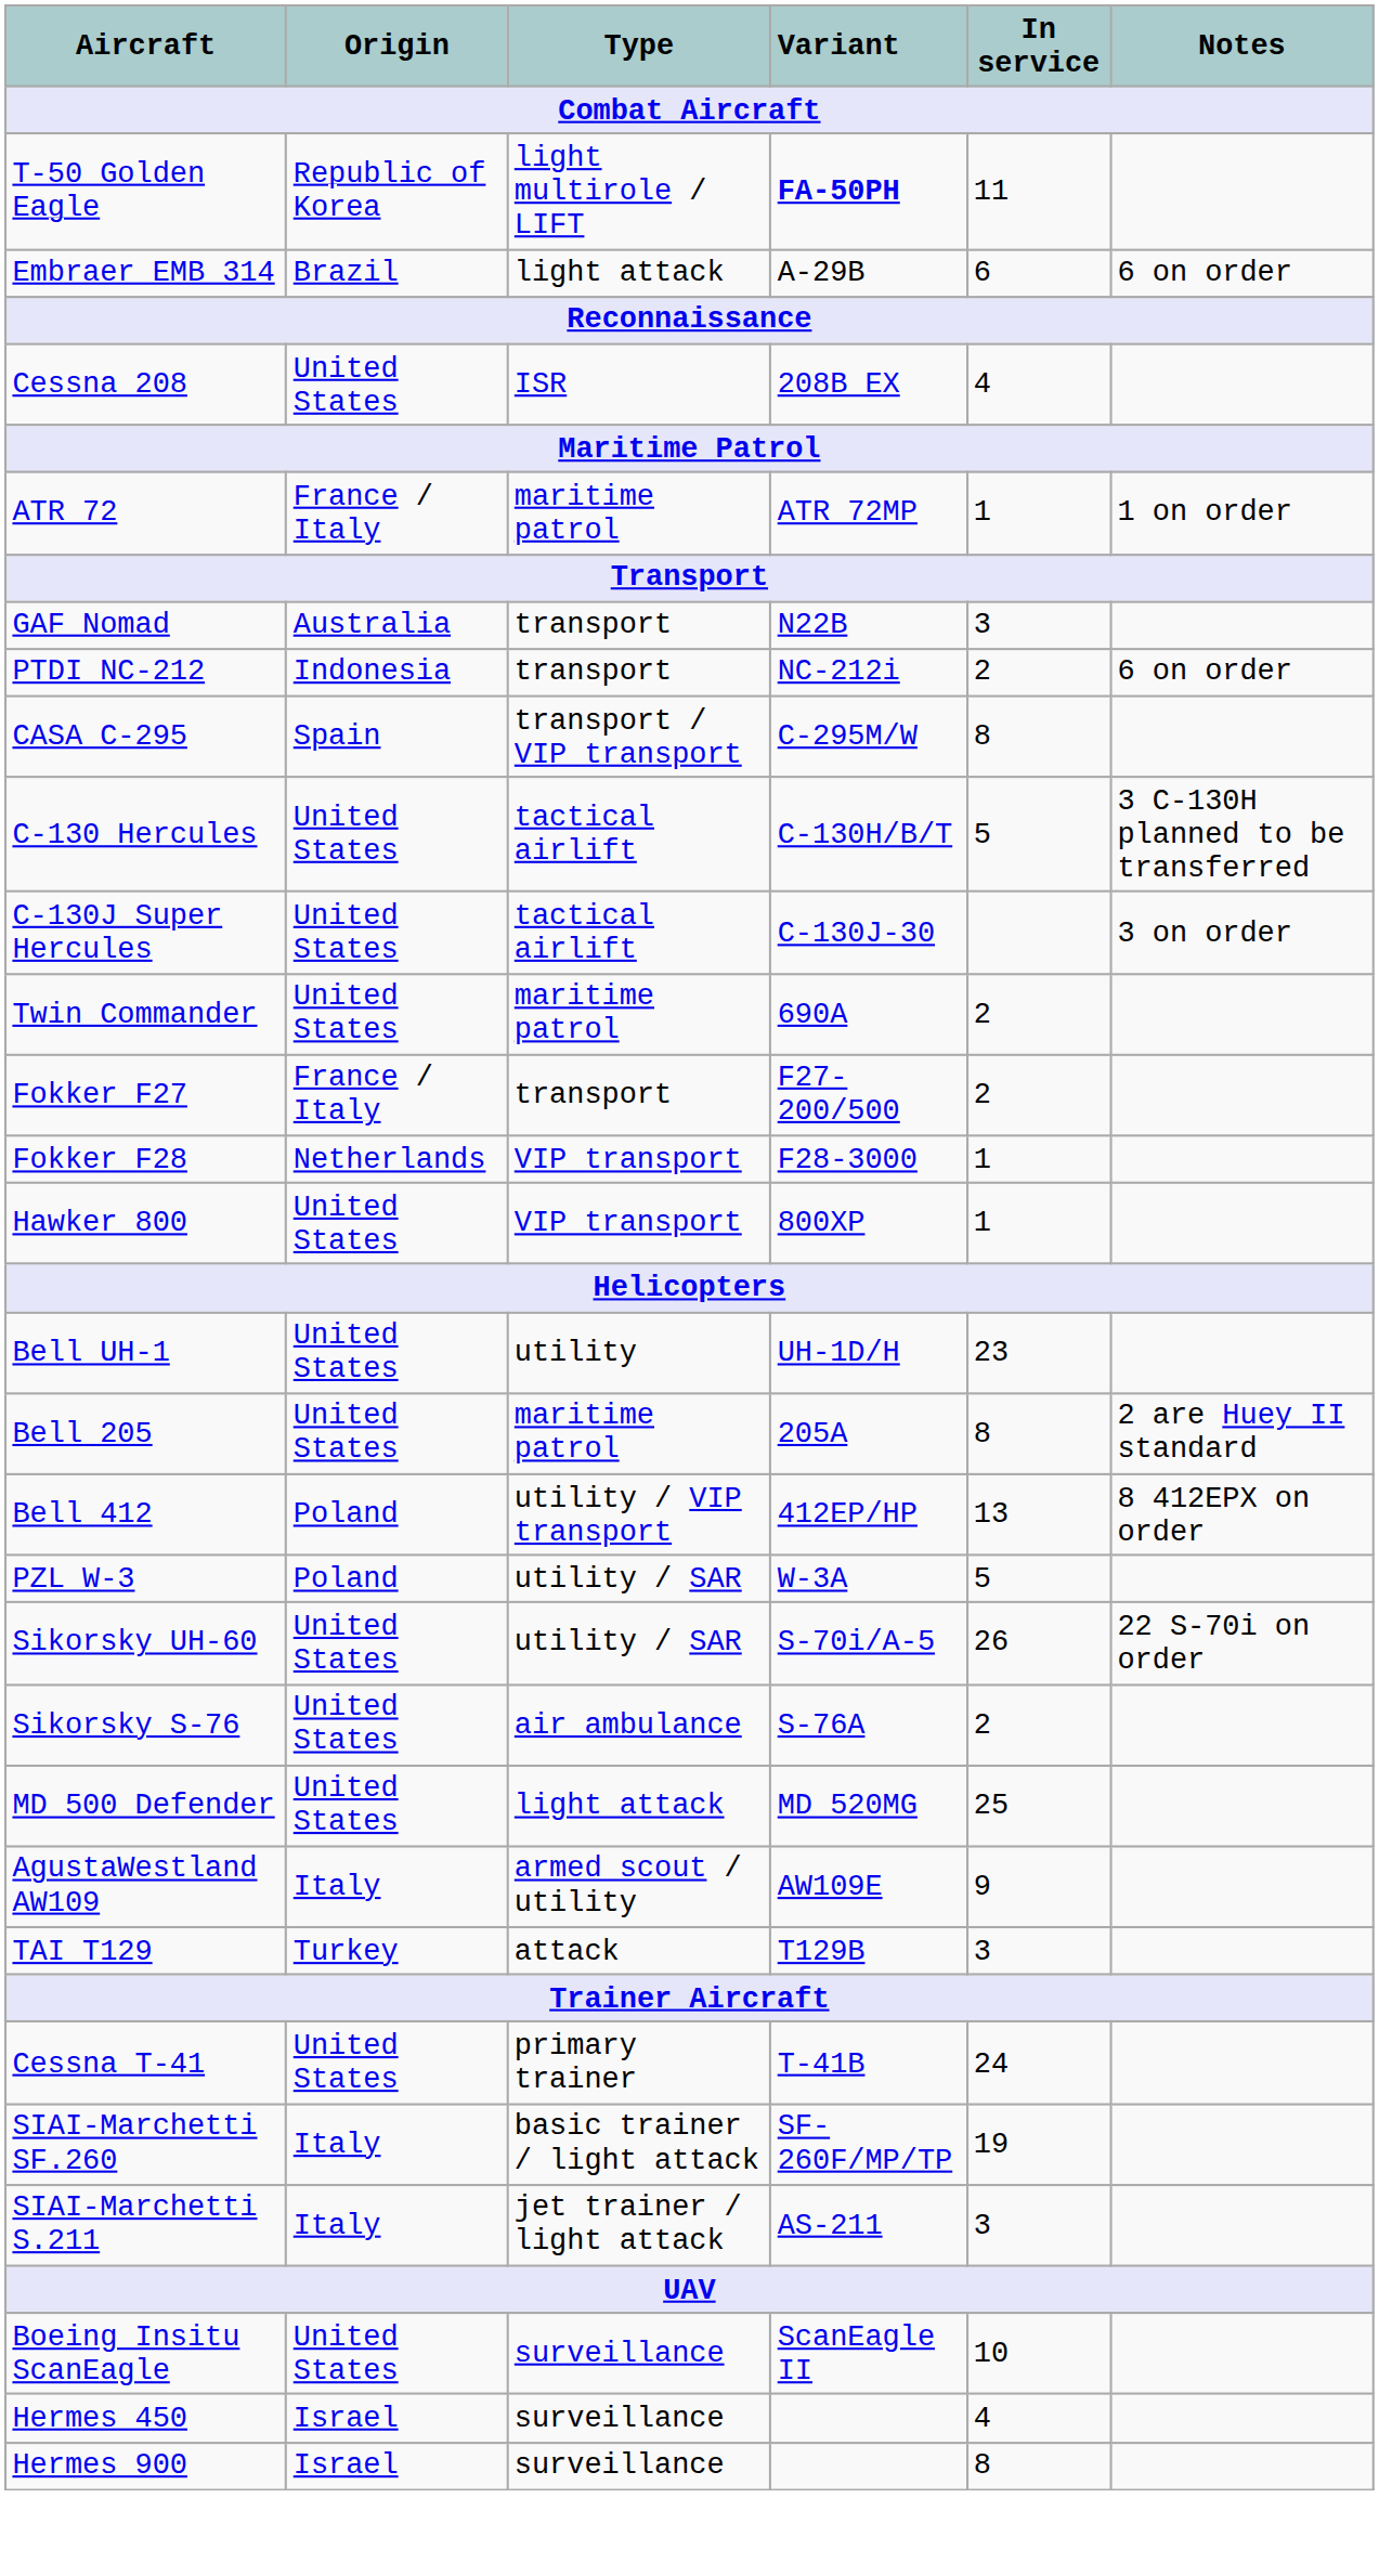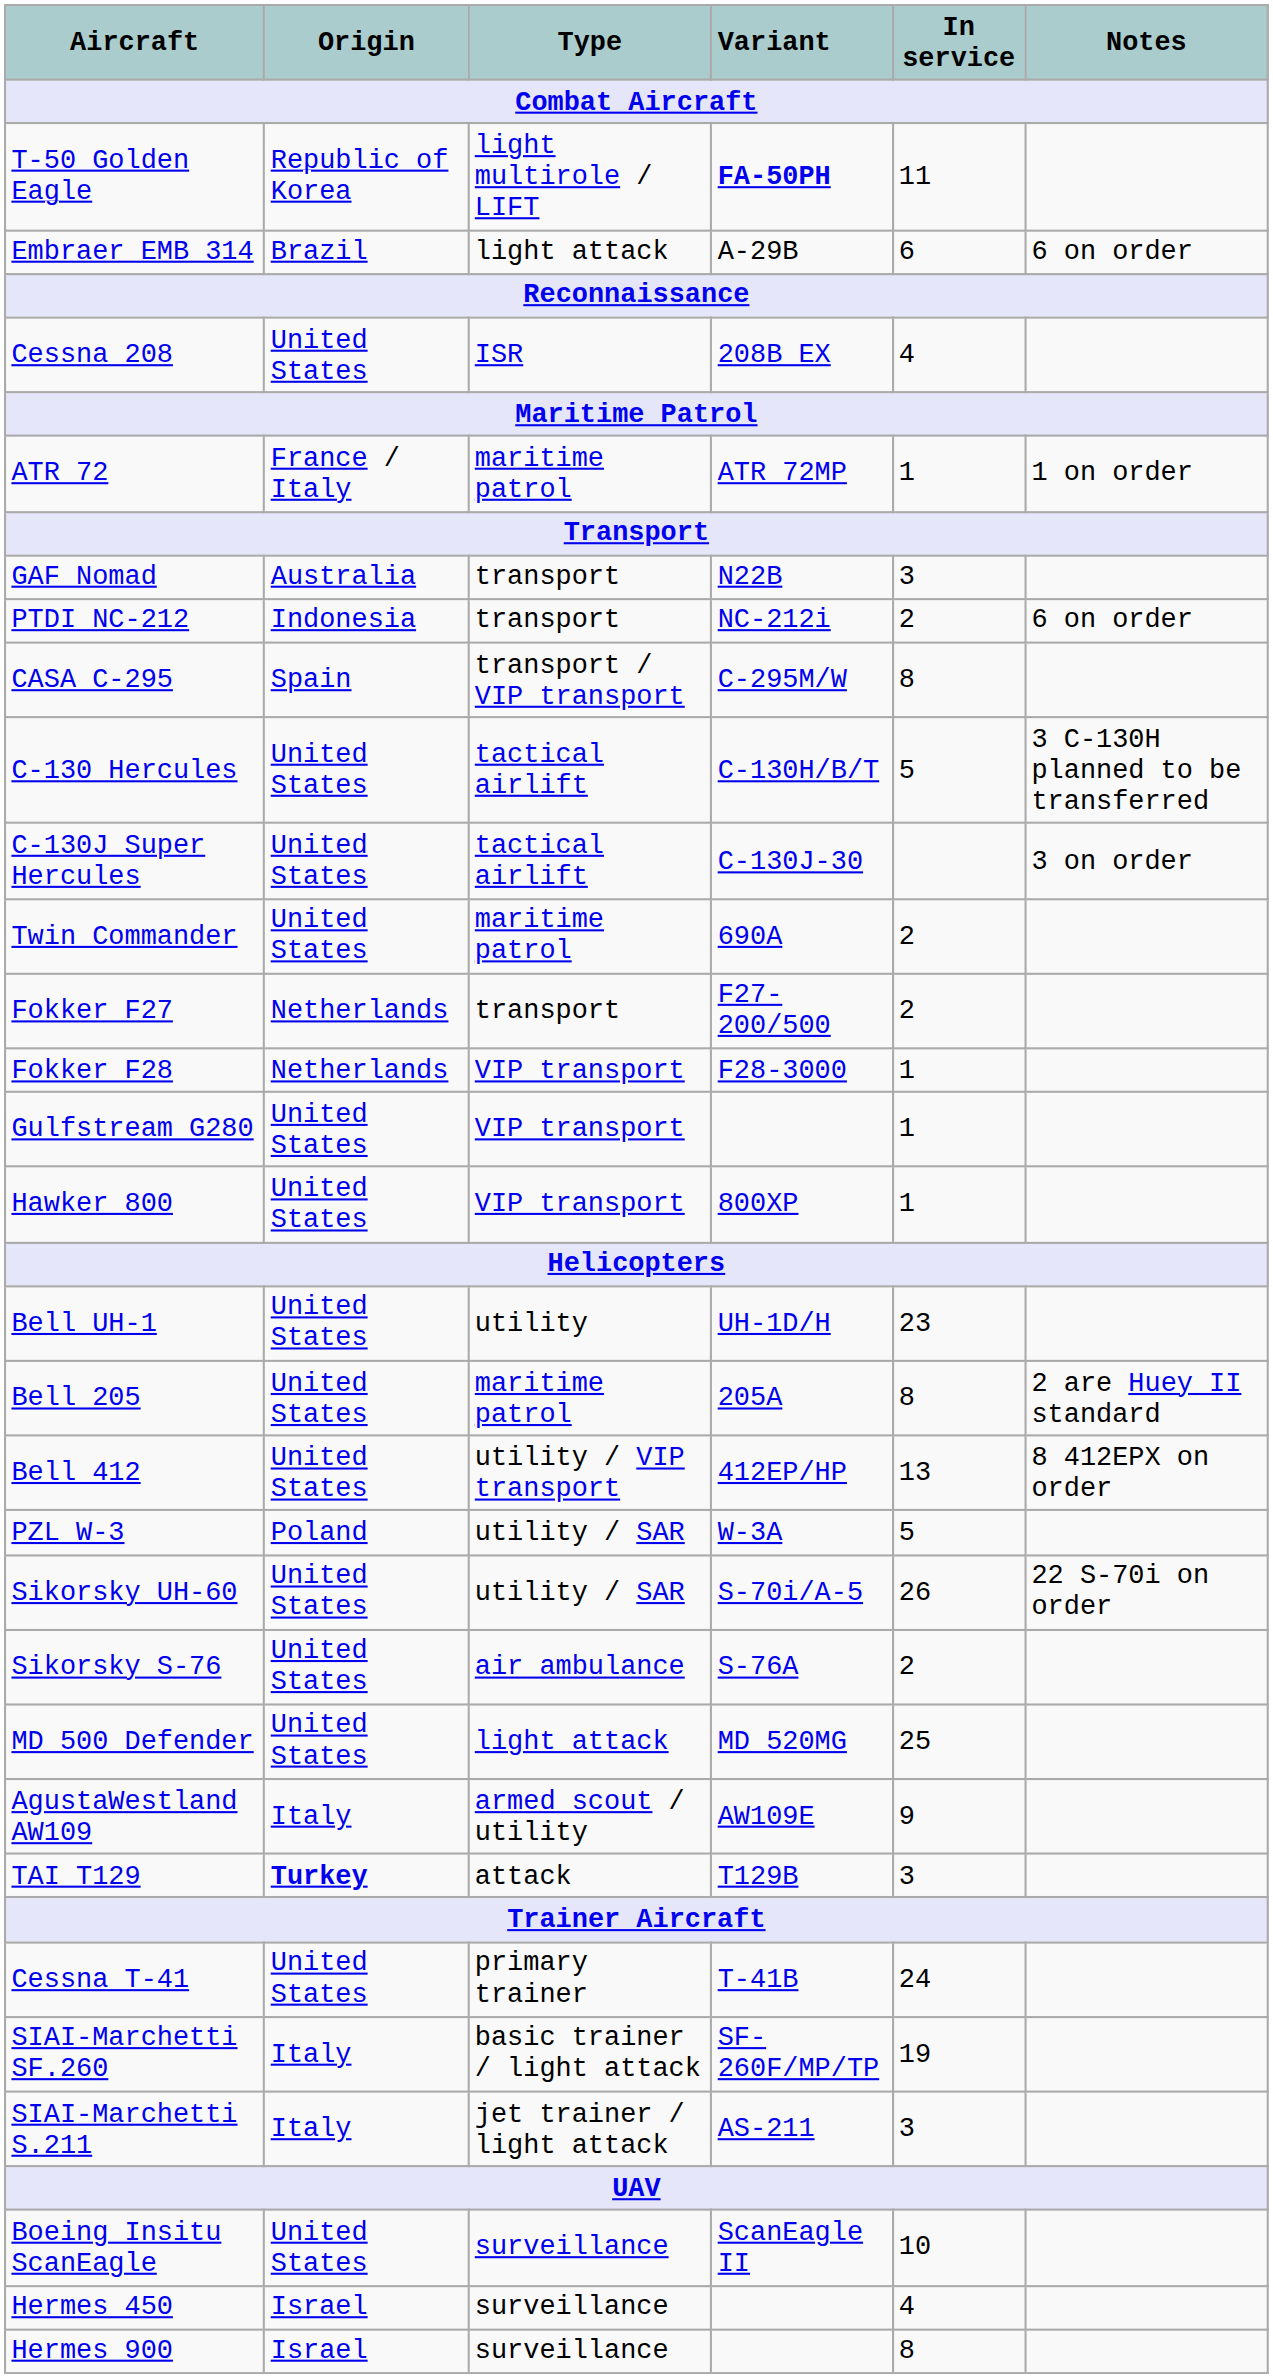 <table class="wikitable">
 <tr>
 <th style="text-align:center; background:#acc;">Aircraft</th>
 <th style="text-align: center; background:#acc;">Origin</th>
 <th style="text-align:l center; background:#acc;">Type</th>
 <th style="text-align:left; background:#acc;">Variant</th>
 <th style="text-align:center; background:#acc;">In service</th>
 <th style="text-align: center; background:#acc;">Notes</th>
 </tr>
 <tr>
 <th colspan="6" style="align: center; background: lavender;"><a href='#'>Combat Aircraft</a></th>
 </tr>
 <tr>
 <td><a href='#'>T-50 Golden Eagle</a></td>
 <td><a href='#'>Republic of Korea</a></td>
 <td><a href='#'>light multirole</a> / <a href='#'>LIFT</a></td>
 <td><strong><a href='#'>FA-50PH</a></strong></td>
 <td>11</td>
 <td></td>
 </tr>
 <tr>
 <td><a href='#'>Embraer EMB 314</a></td>
 <td><a href='#'>Brazil</a></td>
 <td>light attack</td>
 <td>A-29B</td>
 <td>6</td>
 <td>6 on order</td>
 </tr>
 <tr>
 <th colspan="6" style="align: center; background: lavender;"><a href='#'>Reconnaissance</a></th>
 </tr>
 <tr>
 <td><a href='#'>Cessna 208</a></td>
 <td><a href='#'>United States</a></td>
 <td><a href='#'>ISR</a></td>
 <td><a href='#'>208B EX</a></td>
 <td>4</td>
 <td></td>
 </tr>
 <tr>
 <th colspan="6" style="align: center; background: lavender;"><a href='#'>Maritime Patrol</a></th>
 </tr>
 <tr>
 <td><a href='#'>ATR 72</a></td>
 <td><a href='#'>France</a> / <a href='#'>Italy</a></td>
 <td><a href='#'>maritime patrol</a></td>
 <td><a href='#'>ATR 72MP</a></td>
 <td>1</td>
 <td>1 on order</td>
 </tr>
 <tr>
 <th colspan="6" style="align: center; background: lavender;"><a href='#'>Transport</a></th>
 </tr>
 <tr>
 <td><a href='#'>GAF Nomad</a></td>
 <td><a href='#'>Australia</a></td>
 <td>transport</td>
 <td><a href='#'>N22B</a></td>
 <td>3</td>
 <td></td>
 </tr>
 <tr>
 <td><a href='#'>PTDI NC-212</a></td>
 <td><a href='#'>Indonesia</a></td>
 <td>transport</td>
 <td><a href='#'>NC-212i</a></td>
 <td>2</td>
 <td>6 on order</td>
 </tr>
 <tr>
 <td><a href='#'>CASA C-295</a></td>
 <td><a href='#'>Spain</a></td>
 <td>transport / <a href='#'>VIP transport</a></td>
 <td><a href='#'>C-295M/W</a></td>
 <td>8</td>
 <td></td>
 </tr>
 <tr>
 <td><a href='#'>C-130 Hercules</a></td>
 <td><a href='#'>United States</a></td>
 <td><a href='#'>tactical airlift</a></td>
 <td><a href='#'>C-130H/B/T</a></td>
 <td>5</td>
 <td>3 C-130H planned to be transferred</td>
 </tr>
 <tr>
 <td><a href='#'>C-130J Super Hercules</a></td>
 <td><a href='#'>United States</a></td>
 <td><a href='#'>tactical airlift</a></td>
 <td><a href='#'>C-130J-30</a></td>
 <td></td>
 <td>3 on order</td>
 </tr>
 <tr>
 <td><a href='#'>Twin Commander</a></td>
 <td><a href='#'>United States</a></td>
 <td><a href='#'>maritime patrol</a></td>
 <td><a href='#'>690A</a></td>
 <td>2</td>
 <td></td>
 </tr>
 <tr>
 <td><a href='#'>Fokker F27</a></td>
-<td><a href='#'>France</a> / <a href='#'>Italy</a></td>
+<td><a href='#'>Netherlands</a></td>
 <td>transport</td>
 <td><a href='#'>F27-200/500</a></td>
 <td>2</td>
 <td></td>
 </tr>
 <tr>
 <td><a href='#'>Fokker F28</a></td>
 <td><a href='#'>Netherlands</a></td>
 <td><a href='#'>VIP transport</a></td>
 <td><a href='#'>F28-3000</a></td>
+<td>1</td>
+<td></td>
+</tr>
+<tr>
+<td><a href='#'>Gulfstream G280</a></td>
+<td><a href='#'>United States</a></td>
+<td><a href='#'>VIP transport</a></td>
+<td></td>
 <td>1</td>
 <td></td>
 </tr>
 <tr>
 <td><a href='#'>Hawker 800</a></td>
 <td><a href='#'>United States</a></td>
 <td><a href='#'>VIP transport</a></td>
 <td><a href='#'>800XP</a></td>
 <td>1</td>
 <td></td>
 </tr>
 <tr>
 <th colspan="6" style="align: center; background: lavender;"><a href='#'>Helicopters</a></th>
 </tr>
 <tr>
 <td><a href='#'>Bell UH-1</a></td>
 <td><a href='#'>United States</a></td>
 <td>utility</td>
 <td><a href='#'>UH-1D/H</a></td>
 <td>23</td>
 <td></td>
 </tr>
 <tr>
 <td><a href='#'>Bell 205</a></td>
 <td><a href='#'>United States</a></td>
 <td><a href='#'>maritime patrol</a></td>
 <td><a href='#'>205A</a></td>
 <td>8</td>
 <td>2 are <a href='#'>Huey II</a> standard</td>
 </tr>
 <tr>
 <td><a href='#'>Bell 412</a></td>
-<td><a href='#'>Poland</a></td>
+<td><a href='#'>United States</a></td>
 <td>utility / <a href='#'>VIP transport</a></td>
 <td><a href='#'>412EP/HP</a></td>
 <td>13</td>
 <td>8 412EPX on order</td>
 </tr>
 <tr>
 <td><a href='#'>PZL W-3</a></td>
 <td><a href='#'>Poland</a></td>
 <td>utility / <a href='#'>SAR</a></td>
 <td><a href='#'>W-3A</a></td>
 <td>5</td>
 <td></td>
 </tr>
 <tr>
 <td><a href='#'>Sikorsky UH-60</a></td>
 <td><a href='#'>United States</a></td>
 <td>utility / <a href='#'>SAR</a></td>
 <td><a href='#'>S-70i/A-5</a></td>
 <td>26</td>
 <td>22 S-70i on order</td>
 </tr>
 <tr>
 <td><a href='#'>Sikorsky S-76</a></td>
 <td><a href='#'>United States</a></td>
 <td><a href='#'>air ambulance</a></td>
 <td><a href='#'>S-76A</a></td>
 <td>2</td>
 <td></td>
 </tr>
 <tr>
 <td><a href='#'>MD 500 Defender</a></td>
 <td><a href='#'>United States</a></td>
 <td><a href='#'>light attack</a></td>
 <td><a href='#'>MD 520MG</a></td>
 <td>25</td>
 <td></td>
 </tr>
 <tr>
 <td><a href='#'>AgustaWestland AW109</a></td>
 <td><a href='#'>Italy</a></td>
 <td><a href='#'>armed scout</a> / utility</td>
 <td><a href='#'>AW109E</a></td>
 <td>9</td>
 <td></td>
 </tr>
 <tr>
 <td><a href='#'>TAI T129</a></td>
-<td><a href='#'>Turkey</a></td>
+<td><strong><a href='#'>Turkey</a></strong></td>
 <td>attack</td>
 <td><a href='#'>T129B</a></td>
 <td>3</td>
 <td></td>
 </tr>
 <tr>
 <th colspan="6" style="align: center; background: lavender;"><a href='#'>Trainer Aircraft</a></th>
 </tr>
 <tr>
 <td><a href='#'>Cessna T-41</a></td>
 <td><a href='#'>United States</a></td>
 <td>primary trainer</td>
 <td><a href='#'>T-41B</a></td>
 <td>24</td>
 <td></td>
 </tr>
 <tr>
 <td><a href='#'>SIAI-Marchetti SF.260</a></td>
 <td><a href='#'>Italy</a></td>
 <td>basic trainer / light attack</td>
 <td><a href='#'>SF-260F/MP/TP</a></td>
 <td>19</td>
 <td></td>
 </tr>
 <tr>
 <td><a href='#'>SIAI-Marchetti S.211</a></td>
 <td><a href='#'>Italy</a></td>
 <td>jet trainer / light attack</td>
 <td><a href='#'>AS-211</a></td>
 <td>3</td>
 <td></td>
 </tr>
 <tr>
 <th style="align: center; background: lavender;" colspan="6"><a href='#'>UAV</a></th>
 </tr>
 <tr>
 <td><a href='#'>Boeing Insitu ScanEagle</a></td>
 <td><a href='#'>United States</a></td>
 <td><a href='#'>surveillance</a></td>
 <td><a href='#'>ScanEagle II</a></td>
 <td>10</td>
 <td></td>
 </tr>
 <tr>
 <td><a href='#'>Hermes 450</a></td>
 <td><a href='#'>Israel</a></td>
 <td>surveillance</td>
 <td></td>
 <td>4</td>
 <td></td>
 </tr>
 <tr>
 <td><a href='#'>Hermes 900</a></td>
 <td><a href='#'>Israel</a></td>
 <td>surveillance</td>
 <td></td>
 <td>8</td>
 <td></td>
 </tr>
 </table>
